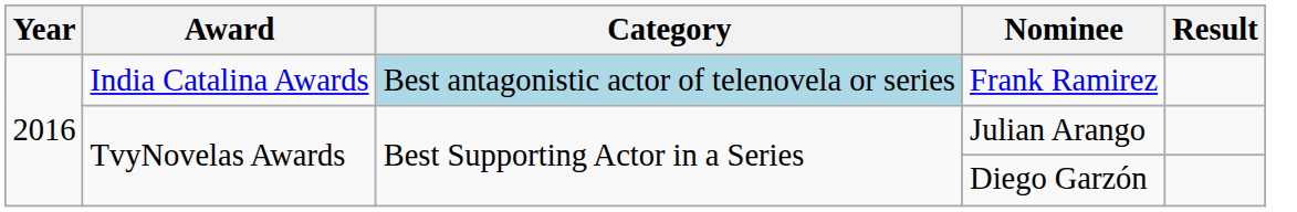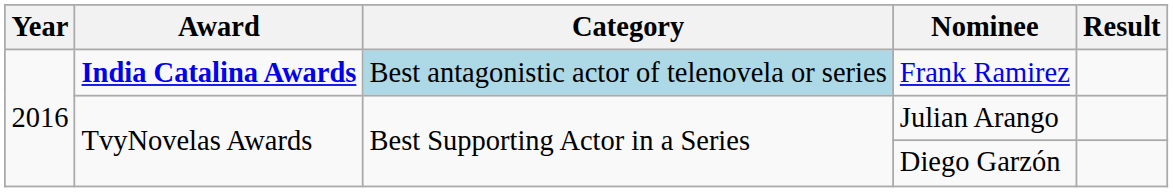 <table class="wikitable">
 <tr>
 <th scope="col">Year</th>
 <th scope="col">Award</th>
 <th scope="col">Category</th>
 <th scope="col">Nominee</th>
 <th scope="col">Result</th>
 </tr>
 <tr>
 <td rowspan="3">2016</td>
-<td><a href='#'>India Catalina Awards</a></td>
+<td><strong><a href='#'>India Catalina Awards</a></strong></td>
 <td scope="row" style="background: lightblue;">Best antagonistic actor of telenovela or series</td>
 <td><a href='#'>Frank Ramirez</a></td>
 <td></td>
 </tr>
 <tr>
 <td rowspan="2">TvyNovelas Awards</td>
 <td scope="row" rowspan=2>Best Supporting Actor in a Series</td>
 <td>Julian Arango</td>
 <td></td>
 </tr>
 <tr>
 <td>Diego Garzón</td>
 <td></td>
 </tr>
 </table>
